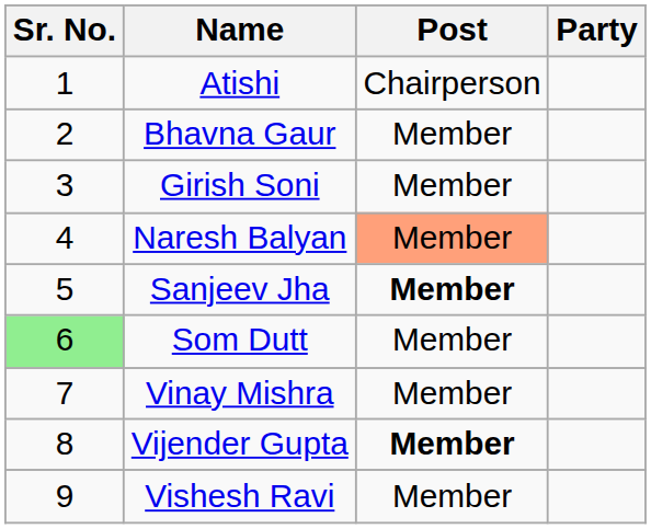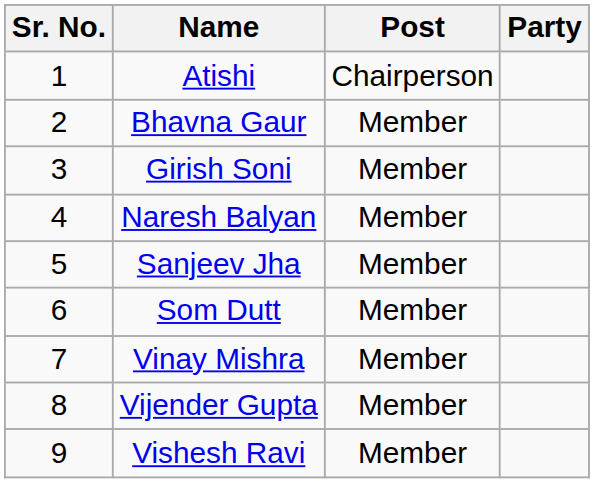 <table class="wikitable sortable">
 <tr>
 <th>Sr. No.</th>
 <th>Name</th>
 <th>Post</th>
 <th colspan="2">Party</th>
 </tr>
 <tr align="center">
 <td>1</td>
 <td><a href='#'>Atishi</a></td>
 <td>Chairperson</td>
 <td></td>
 </tr>
 <tr align="center">
 <td>2</td>
 <td><a href='#'>Bhavna Gaur</a></td>
 <td>Member</td>
 <td></td>
 </tr>
 <tr align="center">
 <td>3</td>
 <td><a href='#'>Girish Soni</a></td>
 <td>Member</td>
 <td></td>
 </tr>
 <tr align="center">
 <td>4</td>
 <td><a href='#'>Naresh Balyan</a></td>
-<td style="background: lightsalmon;">Member</td>
+<td>Member</td>
 <td></td>
 </tr>
 <tr align="center">
 <td>5</td>
 <td><a href='#'>Sanjeev Jha</a></td>
-<td><strong>Member</strong></td>
+<td>Member</td>
 <td></td>
 </tr>
 <tr align="center">
-<td style="background: lightgreen;">6</td>
+<td>6</td>
 <td><a href='#'>Som Dutt</a></td>
 <td>Member</td>
 <td></td>
 </tr>
 <tr align="center">
 <td>7</td>
 <td><a href='#'>Vinay Mishra</a></td>
 <td>Member</td>
 <td></td>
 </tr>
 <tr align="center">
 <td>8</td>
 <td><a href='#'>Vijender Gupta</a></td>
-<td><strong>Member</strong></td>
+<td>Member</td>
 <td></td>
 </tr>
 <tr align="center">
 <td>9</td>
 <td><a href='#'>Vishesh Ravi</a></td>
 <td>Member</td>
 <td></td>
 </tr>
 </table>
